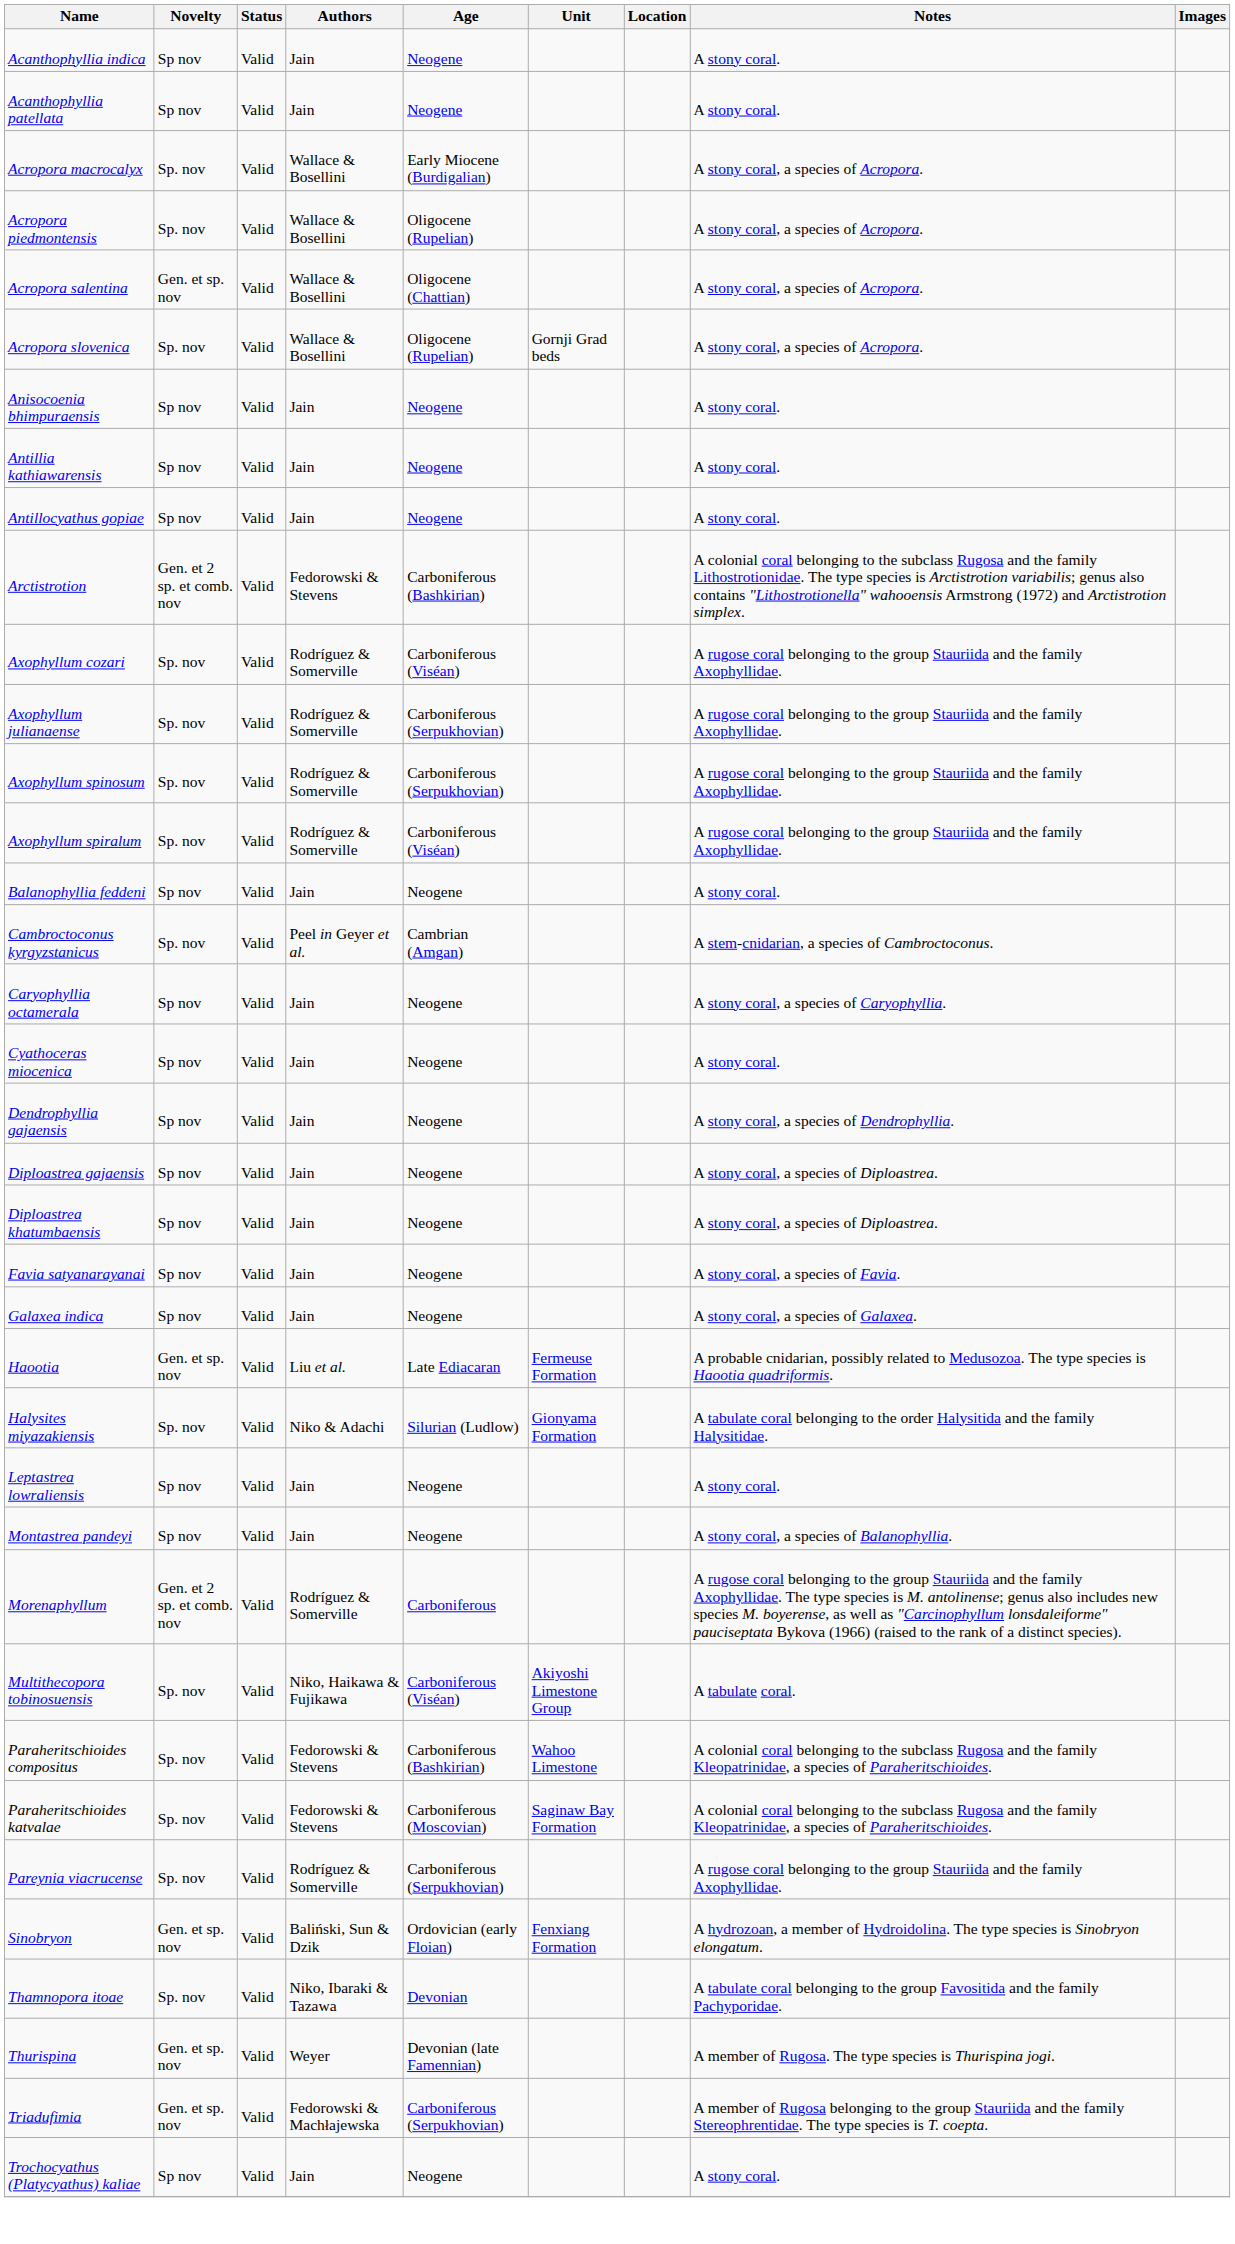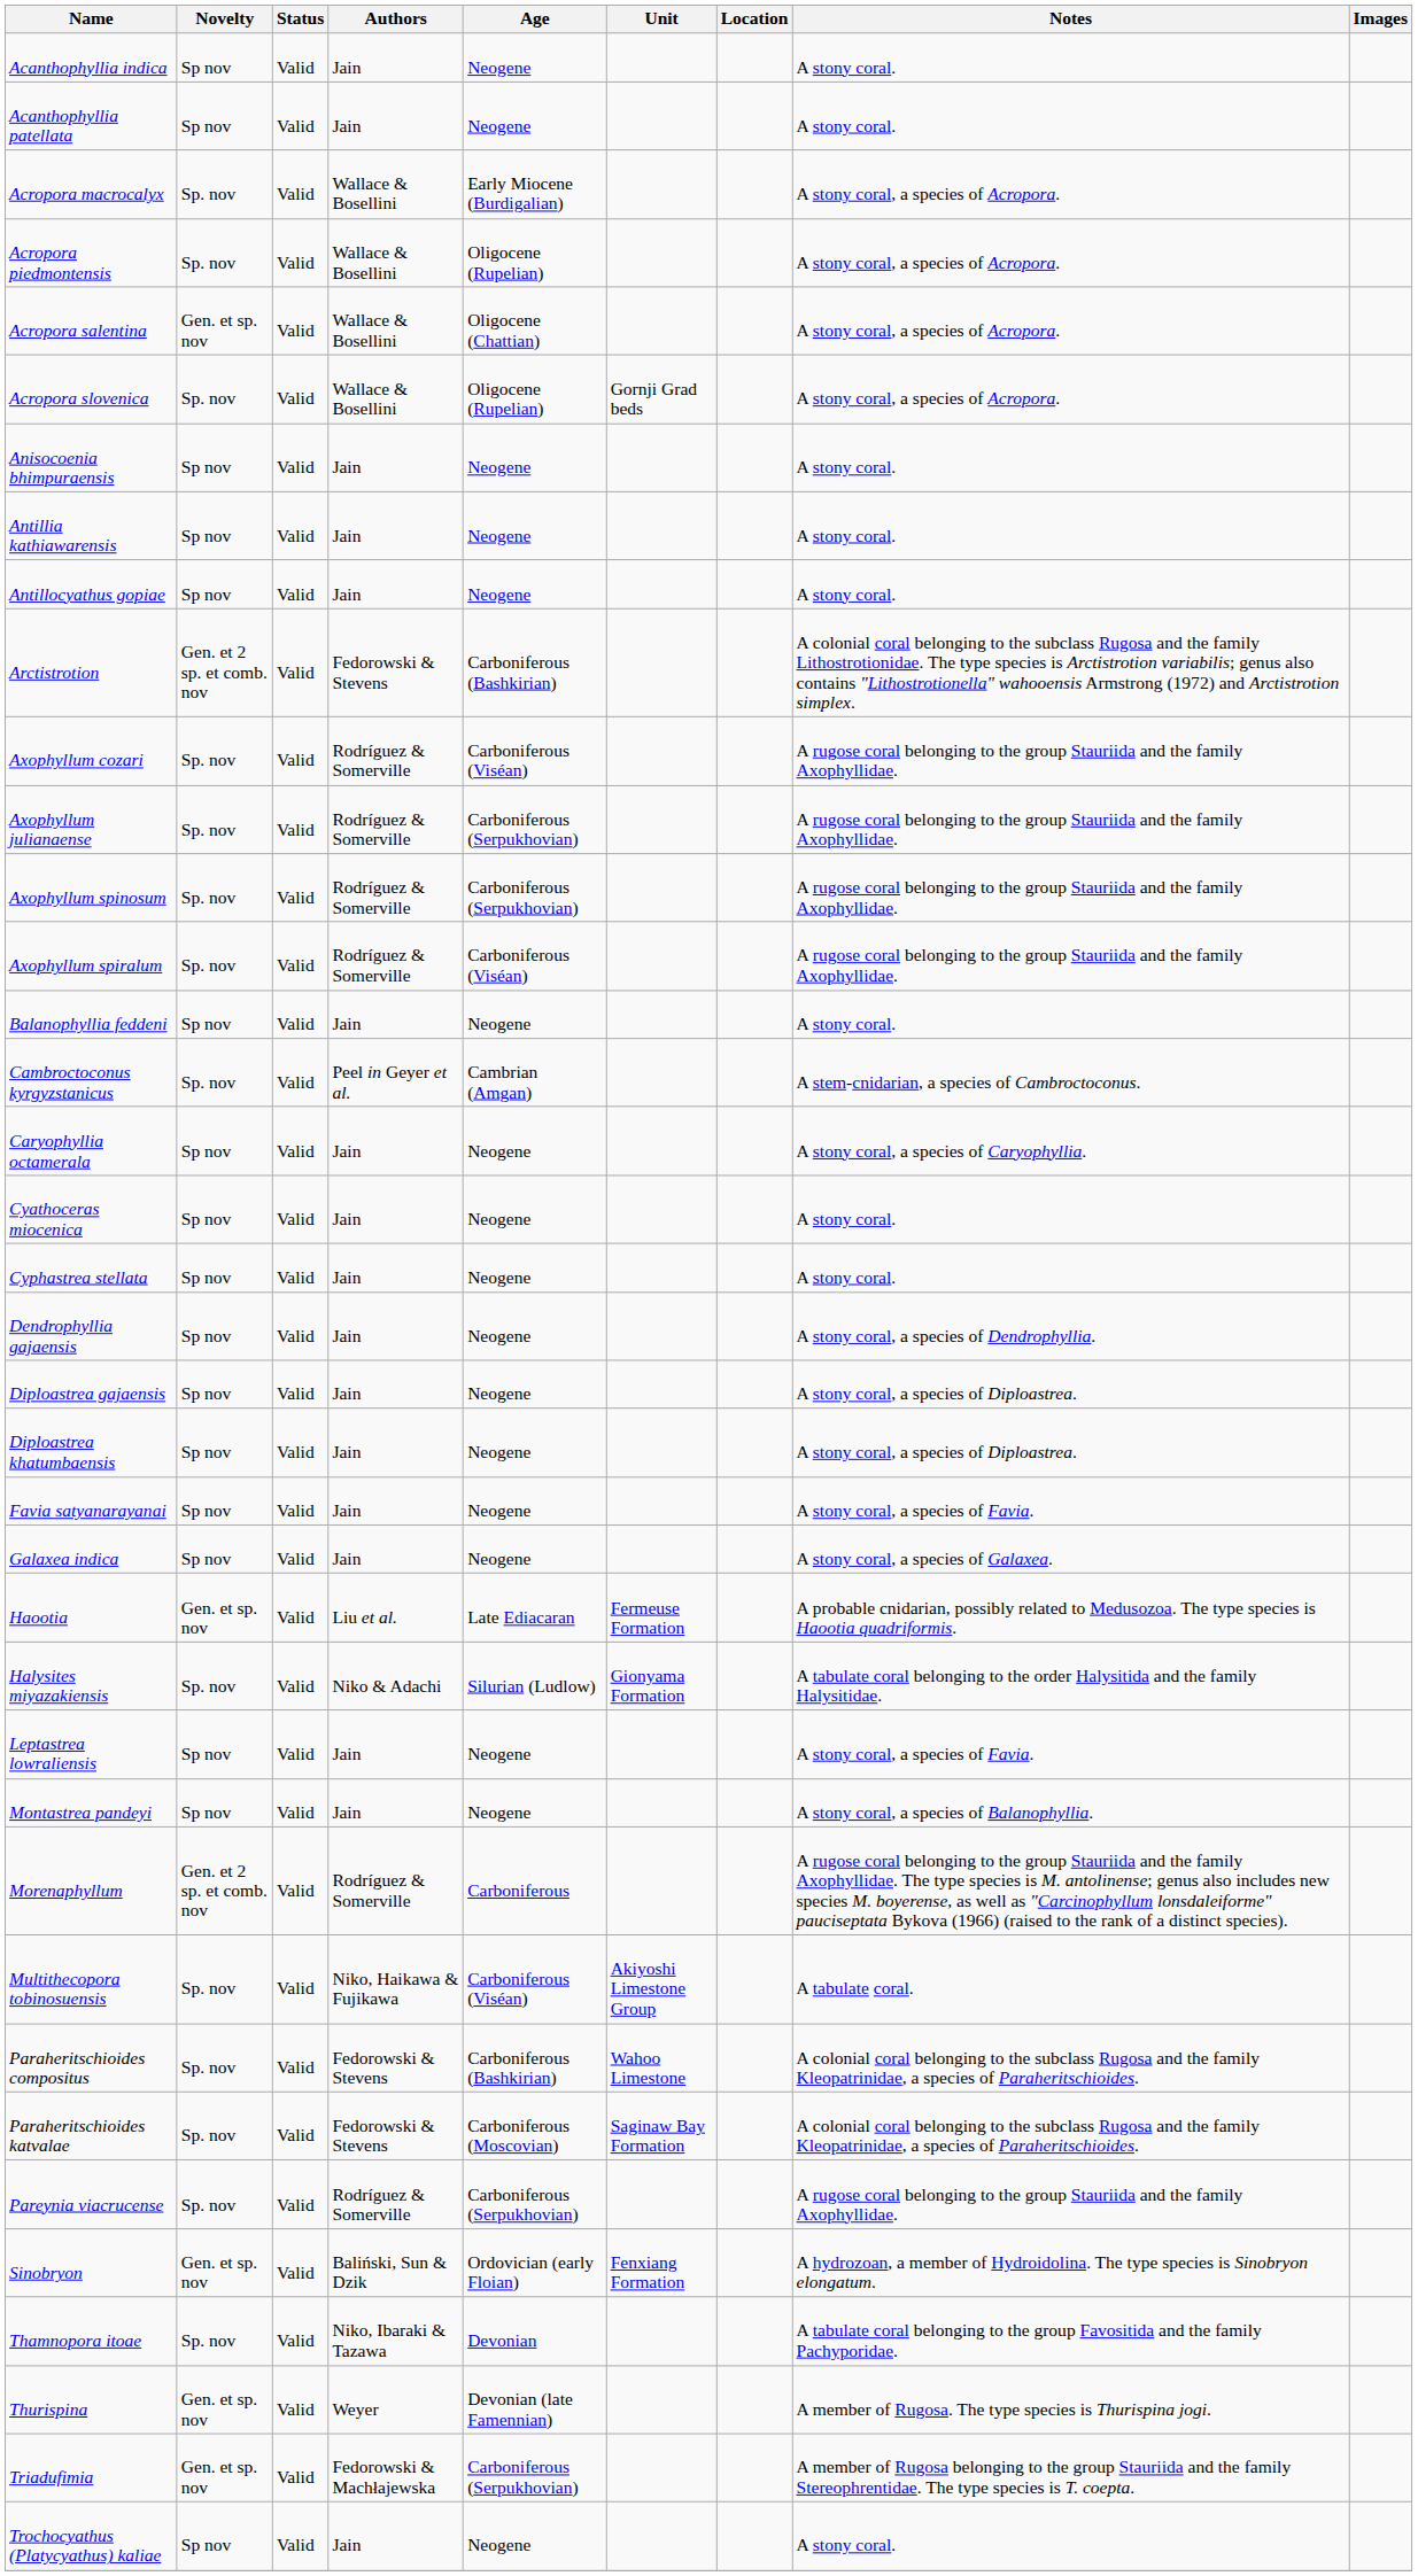 <table class="wikitable sortable" align="center" width="100%">
 <tr>
 <th>Name</th>
 <th>Novelty</th>
 <th>Status</th>
 <th>Authors</th>
 <th>Age</th>
 <th>Unit</th>
 <th>Location</th>
 <th>Notes</th>
 <th>Images</th>
 </tr>
 <tr>
 <td><br><em><a href='#'>Acanthophyllia indica</a></em></td>
 <td><br>Sp nov</td>
 <td><br>Valid</td>
 <td><br>Jain</td>
 <td><br><a href='#'>Neogene</a></td>
 <td></td>
 <td><br></td>
 <td><br>A <a href='#'>stony coral</a>.</td>
 <td></td>
 </tr>
 <tr>
 <td><br><em><a href='#'>Acanthophyllia patellata</a></em></td>
 <td><br>Sp nov</td>
 <td><br>Valid</td>
 <td><br>Jain</td>
 <td><br><a href='#'>Neogene</a></td>
 <td></td>
 <td><br></td>
 <td><br>A <a href='#'>stony coral</a>.</td>
 <td></td>
 </tr>
 <tr>
 <td><br><em><a href='#'>Acropora macrocalyx</a></em></td>
 <td><br>Sp. nov</td>
 <td><br>Valid</td>
 <td><br>Wallace & Bosellini</td>
 <td><br>Early Miocene (<a href='#'>Burdigalian</a>)</td>
 <td></td>
 <td><br></td>
 <td><br>A <a href='#'>stony coral</a>, a species of <em><a href='#'>Acropora</a></em>.</td>
 <td></td>
 </tr>
 <tr>
 <td><br><em><a href='#'>Acropora piedmontensis</a></em></td>
 <td><br>Sp. nov</td>
 <td><br>Valid</td>
 <td><br>Wallace & Bosellini</td>
 <td><br>Oligocene (<a href='#'>Rupelian</a>)</td>
 <td></td>
 <td><br></td>
 <td><br>A <a href='#'>stony coral</a>, a species of <em><a href='#'>Acropora</a></em>.</td>
 <td></td>
 </tr>
 <tr>
 <td><br><em><a href='#'>Acropora salentina</a></em></td>
 <td><br>Gen. et sp. nov</td>
 <td><br>Valid</td>
 <td><br>Wallace & Bosellini</td>
 <td><br>Oligocene (<a href='#'>Chattian</a>)</td>
 <td></td>
 <td><br></td>
 <td><br>A <a href='#'>stony coral</a>, a species of <em><a href='#'>Acropora</a></em>.</td>
 <td></td>
 </tr>
 <tr>
 <td><br><em><a href='#'>Acropora slovenica</a></em></td>
 <td><br>Sp. nov</td>
 <td><br>Valid</td>
 <td><br>Wallace & Bosellini</td>
 <td><br>Oligocene (<a href='#'>Rupelian</a>)</td>
 <td><br>Gornji Grad beds</td>
 <td><br></td>
 <td><br>A <a href='#'>stony coral</a>, a species of <em><a href='#'>Acropora</a></em>.</td>
 <td></td>
 </tr>
 <tr>
 <td><br><em><a href='#'>Anisocoenia bhimpuraensis</a></em></td>
 <td><br>Sp nov</td>
 <td><br>Valid</td>
 <td><br>Jain</td>
 <td><br><a href='#'>Neogene</a></td>
 <td></td>
 <td><br></td>
 <td><br>A <a href='#'>stony coral</a>.</td>
 <td></td>
 </tr>
 <tr>
 <td><br><em><a href='#'>Antillia kathiawarensis</a></em></td>
 <td><br>Sp nov</td>
 <td><br>Valid</td>
 <td><br>Jain</td>
 <td><br><a href='#'>Neogene</a></td>
 <td></td>
 <td><br></td>
 <td><br>A <a href='#'>stony coral</a>.</td>
 <td></td>
 </tr>
 <tr>
 <td><br><em><a href='#'>Antillocyathus gopiae</a></em></td>
 <td><br>Sp nov</td>
 <td><br>Valid</td>
 <td><br>Jain</td>
 <td><br><a href='#'>Neogene</a></td>
 <td></td>
 <td><br></td>
 <td><br>A <a href='#'>stony coral</a>.</td>
 <td></td>
 </tr>
 <tr>
 <td><br><em><a href='#'>Arctistrotion</a></em></td>
 <td><br>Gen. et 2 sp. et comb. nov</td>
 <td><br>Valid</td>
 <td><br>Fedorowski & Stevens</td>
 <td><br>Carboniferous (<a href='#'>Bashkirian</a>)</td>
 <td></td>
 <td><br></td>
 <td><br>A colonial <a href='#'>coral</a> belonging to the subclass <a href='#'>Rugosa</a> and the family <a href='#'>Lithostrotionidae</a>. The type species is <em>Arctistrotion variabilis</em>; genus also contains <em>"<a href='#'>Lithostrotionella</a>" wahooensis</em> Armstrong (1972) and <em>Arctistrotion simplex</em>.</td>
 <td></td>
 </tr>
 <tr>
 <td><br><em><a href='#'>Axophyllum cozari</a></em></td>
 <td><br>Sp. nov</td>
 <td><br>Valid</td>
 <td><br>Rodríguez & Somerville</td>
 <td><br>Carboniferous (<a href='#'>Viséan</a>)</td>
 <td></td>
 <td><br></td>
 <td><br>A <a href='#'>rugose coral</a> belonging to the group <a href='#'>Stauriida</a> and the family <a href='#'>Axophyllidae</a>.</td>
 <td></td>
 </tr>
 <tr>
 <td><br><em><a href='#'>Axophyllum julianaense</a></em></td>
 <td><br>Sp. nov</td>
 <td><br>Valid</td>
 <td><br>Rodríguez & Somerville</td>
 <td><br>Carboniferous (<a href='#'>Serpukhovian</a>)</td>
 <td></td>
 <td><br></td>
 <td><br>A <a href='#'>rugose coral</a> belonging to the group <a href='#'>Stauriida</a> and the family <a href='#'>Axophyllidae</a>.</td>
 <td></td>
 </tr>
 <tr>
 <td><br><em><a href='#'>Axophyllum spinosum</a></em></td>
 <td><br>Sp. nov</td>
 <td><br>Valid</td>
 <td><br>Rodríguez & Somerville</td>
 <td><br>Carboniferous (<a href='#'>Serpukhovian</a>)</td>
 <td></td>
 <td><br></td>
 <td><br>A <a href='#'>rugose coral</a> belonging to the group <a href='#'>Stauriida</a> and the family <a href='#'>Axophyllidae</a>.</td>
 <td></td>
 </tr>
 <tr>
 <td><br><em><a href='#'>Axophyllum spiralum</a></em></td>
 <td><br>Sp. nov</td>
 <td><br>Valid</td>
 <td><br>Rodríguez & Somerville</td>
 <td><br>Carboniferous (<a href='#'>Viséan</a>)</td>
 <td></td>
 <td><br></td>
 <td><br>A <a href='#'>rugose coral</a> belonging to the group <a href='#'>Stauriida</a> and the family <a href='#'>Axophyllidae</a>.</td>
 <td></td>
 </tr>
 <tr>
 <td><br><em><a href='#'>Balanophyllia feddeni</a></em></td>
 <td><br>Sp nov</td>
 <td><br>Valid</td>
 <td><br>Jain</td>
 <td><br>Neogene</td>
 <td></td>
 <td><br></td>
 <td><br>A <a href='#'>stony coral</a>.</td>
 <td></td>
 </tr>
 <tr>
 <td><br><em><a href='#'>Cambroctoconus kyrgyzstanicus</a></em></td>
 <td><br>Sp. nov</td>
 <td><br>Valid</td>
 <td><br>Peel <em>in</em> Geyer <em>et al.</em></td>
 <td><br>Cambrian (<a href='#'>Amgan</a>)</td>
 <td></td>
 <td><br></td>
 <td><br>A <a href='#'>stem</a>-<a href='#'>cnidarian</a>, a species of <em>Cambroctoconus</em>.</td>
 <td></td>
 </tr>
 <tr>
 <td><br><em><a href='#'>Caryophyllia octamerala</a></em></td>
 <td><br>Sp nov</td>
 <td><br>Valid</td>
 <td><br>Jain</td>
 <td><br>Neogene</td>
 <td></td>
 <td><br></td>
 <td><br>A <a href='#'>stony coral</a>, a species of <em><a href='#'>Caryophyllia</a></em>.</td>
 <td></td>
 </tr>
 <tr>
 <td><br><em><a href='#'>Cyathoceras miocenica</a></em></td>
 <td><br>Sp nov</td>
 <td><br>Valid</td>
 <td><br>Jain</td>
 <td><br>Neogene</td>
 <td></td>
 <td><br></td>
 <td><br>A <a href='#'>stony coral</a>.</td>
 <td></td>
 </tr>
 <tr>
+<td><br><em><a href='#'>Cyphastrea stellata</a></em></td>
+<td><br>Sp nov</td>
+<td><br>Valid</td>
+<td><br>Jain</td>
+<td><br>Neogene</td>
+<td></td>
+<td><br></td>
+<td><br>A <a href='#'>stony coral</a>.</td>
+<td></td>
+</tr>
+<tr>
 <td><br><em><a href='#'>Dendrophyllia gajaensis</a></em></td>
 <td><br>Sp nov</td>
 <td><br>Valid</td>
 <td><br>Jain</td>
 <td><br>Neogene</td>
 <td></td>
 <td><br></td>
 <td><br>A <a href='#'>stony coral</a>, a species of <em><a href='#'>Dendrophyllia</a></em>.</td>
 <td></td>
 </tr>
 <tr>
 <td><br><em><a href='#'>Diploastrea gajaensis</a></em></td>
 <td><br>Sp nov</td>
 <td><br>Valid</td>
 <td><br>Jain</td>
 <td><br>Neogene</td>
 <td></td>
 <td><br></td>
 <td><br>A <a href='#'>stony coral</a>, a species of <em>Diploastrea</em>.</td>
 <td></td>
 </tr>
 <tr>
 <td><br><em><a href='#'>Diploastrea khatumbaensis</a></em></td>
 <td><br>Sp nov</td>
 <td><br>Valid</td>
 <td><br>Jain</td>
 <td><br>Neogene</td>
 <td></td>
 <td><br></td>
 <td><br>A <a href='#'>stony coral</a>, a species of <em>Diploastrea</em>.</td>
 <td></td>
 </tr>
 <tr>
 <td><br><em><a href='#'>Favia satyanarayanai</a></em></td>
 <td><br>Sp nov</td>
 <td><br>Valid</td>
 <td><br>Jain</td>
 <td><br>Neogene</td>
 <td></td>
 <td><br></td>
 <td><br>A <a href='#'>stony coral</a>, a species of <em><a href='#'>Favia</a></em>.</td>
 <td></td>
 </tr>
 <tr>
 <td><br><em><a href='#'>Galaxea indica</a></em></td>
 <td><br>Sp nov</td>
 <td><br>Valid</td>
 <td><br>Jain</td>
 <td><br>Neogene</td>
 <td></td>
 <td><br></td>
 <td><br>A <a href='#'>stony coral</a>, a species of <em><a href='#'>Galaxea</a></em>.</td>
 <td></td>
 </tr>
 <tr>
 <td><br><em><a href='#'>Haootia</a></em></td>
 <td><br>Gen. et sp. nov</td>
 <td><br>Valid</td>
 <td><br>Liu <em>et al.</em></td>
 <td><br>Late <a href='#'>Ediacaran</a></td>
 <td><br><a href='#'>Fermeuse Formation</a></td>
 <td><br></td>
 <td><br>A probable cnidarian, possibly related to <a href='#'>Medusozoa</a>. The type species is <em><a href='#'>Haootia quadriformis</a></em>.</td>
 <td></td>
 </tr>
 <tr>
 <td><br><em><a href='#'>Halysites miyazakiensis</a></em></td>
 <td><br>Sp. nov</td>
 <td><br>Valid</td>
 <td><br>Niko & Adachi</td>
 <td><br><a href='#'>Silurian</a> (Ludlow)</td>
 <td><br><a href='#'>Gionyama Formation</a></td>
 <td><br></td>
 <td><br>A <a href='#'>tabulate coral</a> belonging to the order <a href='#'>Halysitida</a> and the family <a href='#'>Halysitidae</a>.</td>
 <td></td>
 </tr>
 <tr>
 <td><br><em><a href='#'>Leptastrea lowraliensis</a></em></td>
 <td><br>Sp nov</td>
 <td><br>Valid</td>
 <td><br>Jain</td>
 <td><br>Neogene</td>
 <td></td>
 <td><br></td>
-<td><br>A <a href='#'>stony coral</a>.</td>
+<td><br>A <a href='#'>stony coral</a>, a species of <em><a href='#'>Favia</a></em>.</td>
 <td></td>
 </tr>
 <tr>
 <td><br><em><a href='#'>Montastrea pandeyi</a></em></td>
 <td><br>Sp nov</td>
 <td><br>Valid</td>
 <td><br>Jain</td>
 <td><br>Neogene</td>
 <td></td>
 <td><br></td>
 <td><br>A <a href='#'>stony coral</a>, a species of <em><a href='#'>Balanophyllia</a></em>.</td>
 <td></td>
 </tr>
 <tr>
 <td><br><em><a href='#'>Morenaphyllum</a></em></td>
 <td><br>Gen. et 2 sp. et comb. nov</td>
 <td><br>Valid</td>
 <td><br>Rodríguez & Somerville</td>
 <td><br><a href='#'>Carboniferous</a></td>
 <td></td>
 <td><br><br> </td>
 <td><br>A <a href='#'>rugose coral</a> belonging to the group <a href='#'>Stauriida</a> and the family <a href='#'>Axophyllidae</a>. The type species is <em>M. antolinense</em>; genus also includes new species <em>M. boyerense</em>, as well as <em>"<a href='#'>Carcinophyllum</a> lonsdaleiforme" pauciseptata</em> Bykova (1966) (raised to the rank of a distinct species).</td>
 <td></td>
 </tr>
 <tr>
 <td><br><em><a href='#'>Multithecopora tobinosuensis</a></em></td>
 <td><br>Sp. nov</td>
 <td><br>Valid</td>
 <td><br>Niko, Haikawa & Fujikawa</td>
 <td><br><a href='#'>Carboniferous</a> (<a href='#'>Viséan</a>)</td>
 <td><br><a href='#'>Akiyoshi Limestone Group</a></td>
 <td><br></td>
 <td><br>A <a href='#'>tabulate</a> <a href='#'>coral</a>.</td>
 <td></td>
 </tr>
 <tr>
 <td><br><em>Paraheritschioides compositus</em></td>
 <td><br>Sp. nov</td>
 <td><br>Valid</td>
 <td><br>Fedorowski & Stevens</td>
 <td><br>Carboniferous (<a href='#'>Bashkirian</a>)</td>
 <td><br><a href='#'>Wahoo Limestone</a></td>
 <td><br></td>
 <td><br>A colonial <a href='#'>coral</a> belonging to the subclass <a href='#'>Rugosa</a> and the family <a href='#'>Kleopatrinidae</a>, a species of <em><a href='#'>Paraheritschioides</a></em>.</td>
 <td></td>
 </tr>
 <tr>
 <td><br><em>Paraheritschioides katvalae</em></td>
 <td><br>Sp. nov</td>
 <td><br>Valid</td>
 <td><br>Fedorowski & Stevens</td>
 <td><br>Carboniferous (<a href='#'>Moscovian</a>)</td>
 <td><br><a href='#'>Saginaw Bay Formation</a></td>
 <td><br></td>
 <td><br>A colonial <a href='#'>coral</a> belonging to the subclass <a href='#'>Rugosa</a> and the family <a href='#'>Kleopatrinidae</a>, a species of <em><a href='#'>Paraheritschioides</a></em>.</td>
 <td></td>
 </tr>
 <tr>
 <td><br><em><a href='#'>Pareynia viacrucense</a></em></td>
 <td><br>Sp. nov</td>
 <td><br>Valid</td>
 <td><br>Rodríguez & Somerville</td>
 <td><br>Carboniferous (<a href='#'>Serpukhovian</a>)</td>
 <td></td>
 <td><br></td>
 <td><br>A <a href='#'>rugose coral</a> belonging to the group <a href='#'>Stauriida</a> and the family <a href='#'>Axophyllidae</a>.</td>
 <td></td>
 </tr>
 <tr>
 <td><br><em><a href='#'>Sinobryon</a></em></td>
 <td><br>Gen. et sp. nov</td>
 <td><br>Valid</td>
 <td><br>Baliński, Sun & Dzik</td>
 <td><br>Ordovician (early <a href='#'>Floian</a>)</td>
 <td><br><a href='#'>Fenxiang Formation</a></td>
 <td><br></td>
 <td><br>A <a href='#'>hydrozoan</a>, a member of <a href='#'>Hydroidolina</a>. The type species is <em>Sinobryon elongatum</em>.</td>
 <td></td>
 </tr>
 <tr>
 <td><br><em><a href='#'>Thamnopora itoae</a></em></td>
 <td><br>Sp. nov</td>
 <td><br>Valid</td>
 <td><br>Niko, Ibaraki & Tazawa</td>
 <td><br><a href='#'>Devonian</a></td>
 <td></td>
 <td><br></td>
 <td><br>A <a href='#'>tabulate coral</a> belonging to the group <a href='#'>Favositida</a> and the family <a href='#'>Pachyporidae</a>.</td>
 <td></td>
 </tr>
 <tr>
 <td><br><em><a href='#'>Thurispina</a></em></td>
 <td><br>Gen. et sp. nov</td>
 <td><br>Valid</td>
 <td><br>Weyer</td>
 <td><br>Devonian (late <a href='#'>Famennian</a>)</td>
 <td></td>
 <td><br></td>
 <td><br>A member of <a href='#'>Rugosa</a>. The type species is <em>Thurispina jogi</em>.</td>
 <td></td>
 </tr>
 <tr>
 <td><br><em><a href='#'>Triadufimia</a></em></td>
 <td><br>Gen. et sp. nov</td>
 <td><br>Valid</td>
 <td><br>Fedorowski & Machłajewska</td>
 <td><br><a href='#'>Carboniferous</a> (<a href='#'>Serpukhovian</a>)</td>
 <td></td>
 <td><br></td>
 <td><br>A member of <a href='#'>Rugosa</a> belonging to the group <a href='#'>Stauriida</a> and the family <a href='#'>Stereophrentidae</a>. The type species is <em>T. coepta</em>.</td>
 <td></td>
 </tr>
 <tr>
 <td><br><em><a href='#'>Trochocyathus (Platycyathus) kaliae</a></em></td>
 <td><br>Sp nov</td>
 <td><br>Valid</td>
 <td><br>Jain</td>
 <td><br>Neogene</td>
 <td></td>
 <td><br></td>
 <td><br>A <a href='#'>stony coral</a>.</td>
 <td></td>
 </tr>
 <tr>
 </tr>
 </table>
